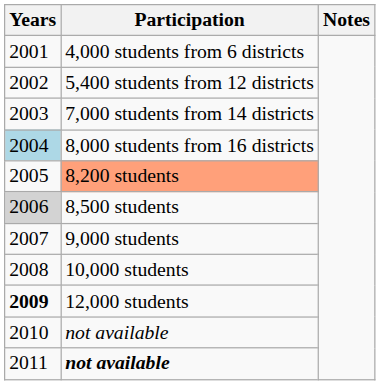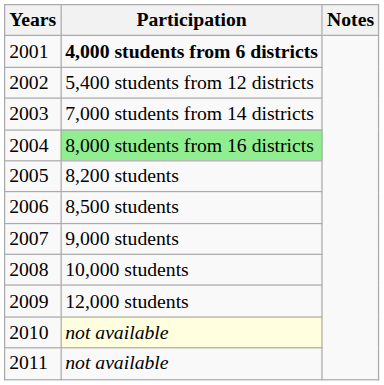 <table class="wikitable">
 <tr>
 <th>Years</th>
 <th>Participation</th>
 <th>Notes</th>
 </tr>
 <tr>
 <td>2001</td>
-<td>4,000 students from 6 districts</td>
+<td><strong>4,000 students from 6 districts</strong></td>
 <td rowspan=11></td>
 </tr>
 <tr>
 <td>2002</td>
 <td>5,400 students from 12 districts</td>
 </tr>
 <tr>
 <td>2003</td>
 <td>7,000 students from 14 districts</td>
 </tr>
 <tr>
-<td style="background: lightblue;">2004</td>
-<td>8,000 students from 16 districts</td>
+<td>2004</td>
+<td style="background: lightgreen;">8,000 students from 16 districts</td>
 </tr>
 <tr>
 <td>2005</td>
-<td style="background: lightsalmon;">8,200 students</td>
+<td>8,200 students</td>
 </tr>
 <tr>
-<td style="background: lightgrey;">2006</td>
+<td>2006</td>
 <td>8,500 students</td>
 </tr>
 <tr>
 <td>2007</td>
 <td>9,000 students</td>
 </tr>
 <tr>
 <td>2008</td>
 <td>10,000 students</td>
 </tr>
 <tr>
-<td><strong>2009</strong></td>
+<td>2009</td>
 <td>12,000 students</td>
 </tr>
 <tr>
 <td>2010</td>
-<td><em>not available</em></td>
+<td style="background: lightyellow;"><em>not available</em></td>
 </tr>
 <tr>
 <td>2011</td>
-<td><strong><em>not available</em></strong></td>
+<td><em>not available</em></td>
 </tr>
 </table>
